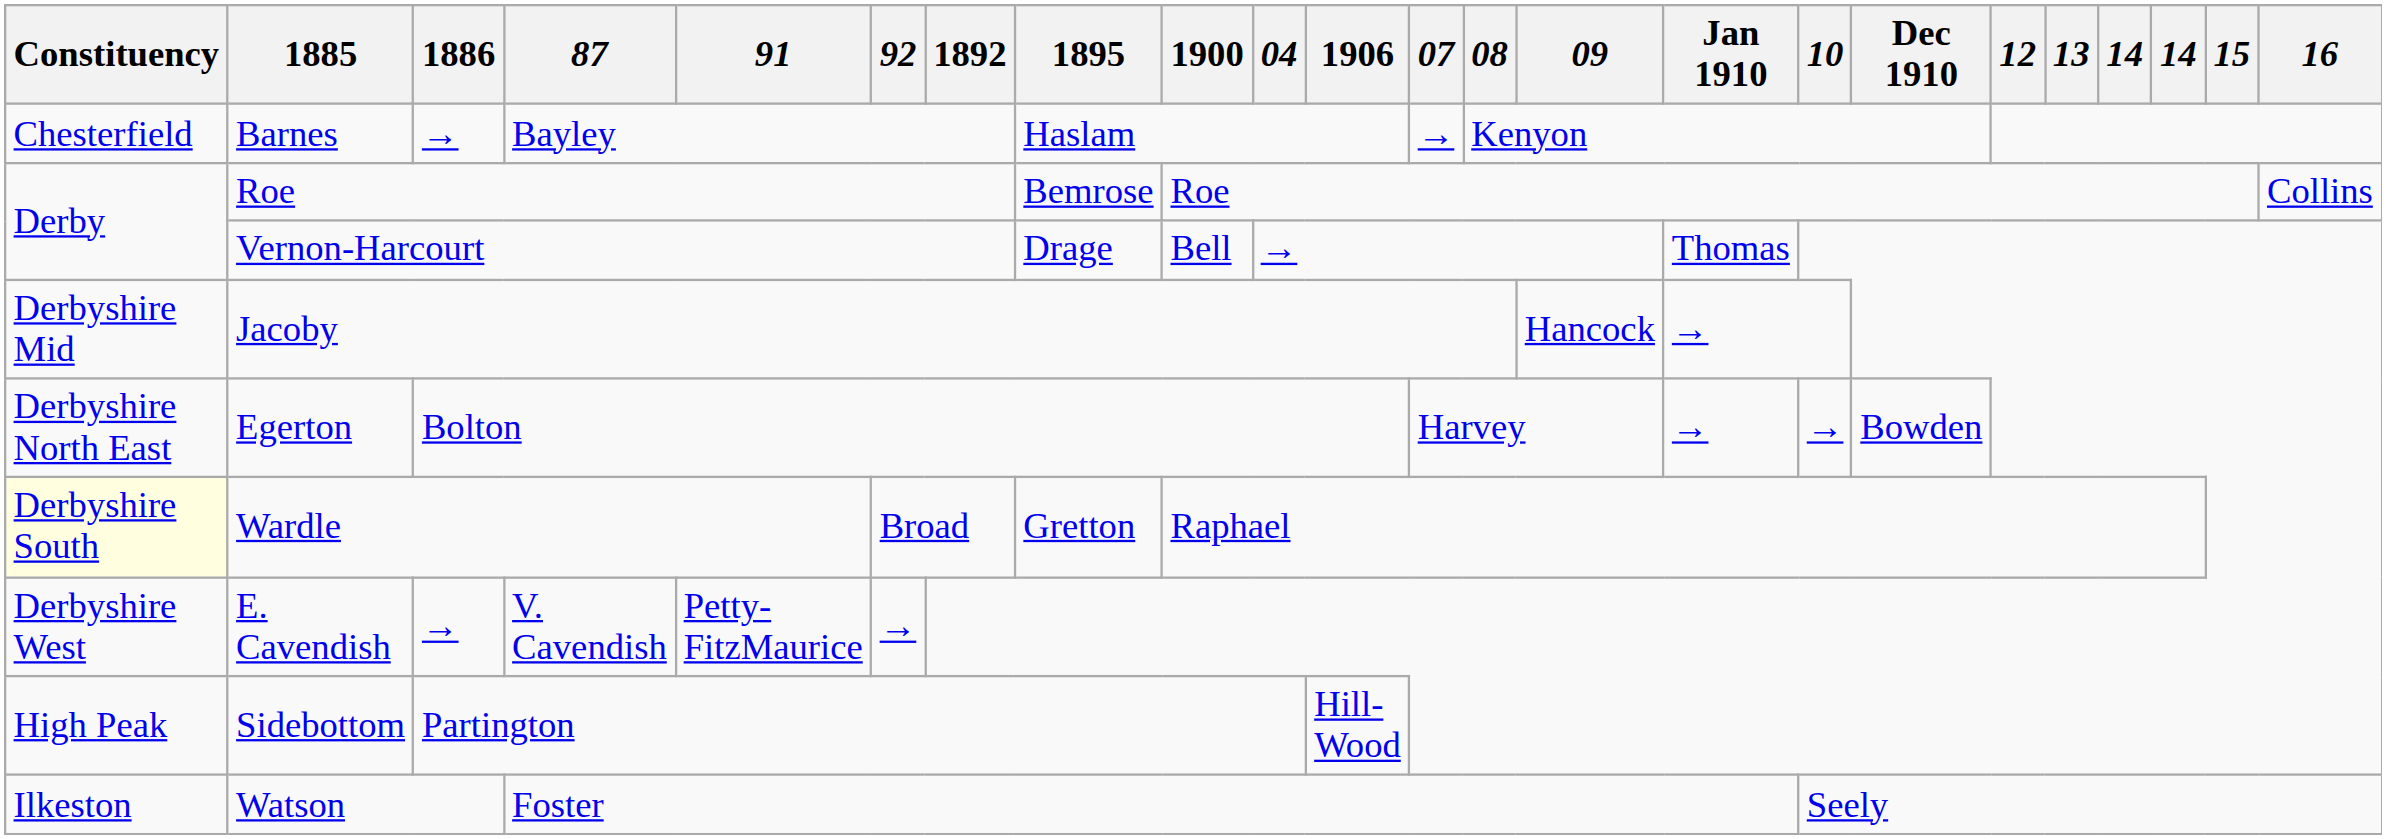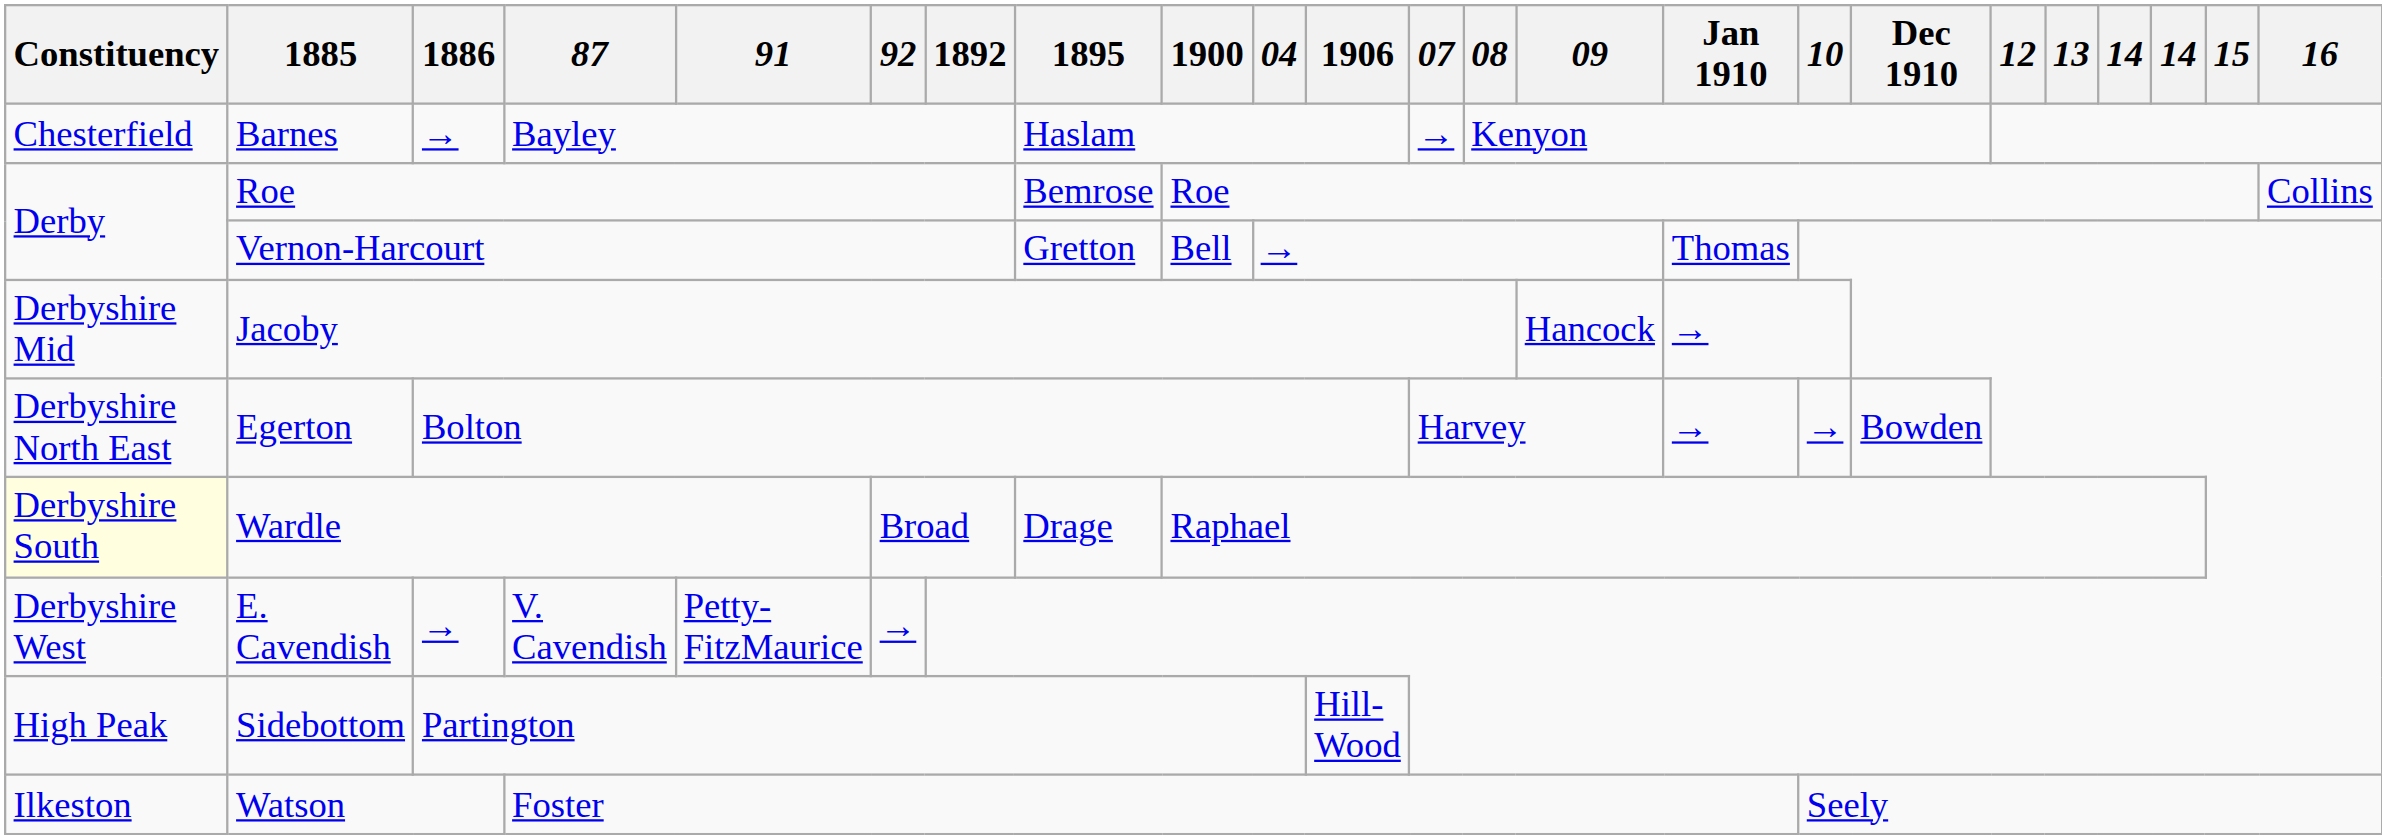 <table class="wikitable">
 <tr>
 <th>Constituency</th>
 <th>1885</th>
 <th>1886</th>
 <th><em>87</em></th>
 <th><em>91</em></th>
 <th><em>92</em></th>
 <th>1892</th>
 <th>1895</th>
 <th>1900</th>
 <th><em>04</em></th>
 <th>1906</th>
 <th><em>07</em></th>
 <th><em>08</em></th>
 <th><em>09</em></th>
 <th>Jan 1910</th>
 <th><em>10</em></th>
 <th>Dec 1910</th>
 <th><em>12</em></th>
 <th><em>13</em></th>
 <th><em>14</em></th>
 <th><em>14</em></th>
 <th><em>15</em></th>
 <th><em>16</em></th>
 </tr>
 <tr>
 <td><a href='#'>Chesterfield</a></td>
 <td><a href='#'>Barnes</a></td>
 <td><a href='#'>→</a></td>
 <td colspan="4"><a href='#'>Bayley</a></td>
 <td colspan="4"><a href='#'>Haslam</a></td>
 <td><a href='#'>→</a></td>
 <td colspan="5"><a href='#'>Kenyon</a></td>
 </tr>
 <tr>
 <td rowspan="2"><a href='#'>Derby</a></td>
 <td colspan="6"><a href='#'>Roe</a></td>
 <td><a href='#'>Bemrose</a></td>
 <td colspan="14"><a href='#'>Roe</a></td>
 <td><a href='#'>Collins</a></td>
 </tr>
 <tr>
 <td colspan="6"><a href='#'>Vernon-Harcourt</a></td>
-<td><a href='#'>Drage</a></td>
+<td><a href='#'>Gretton</a></td>
 <td><a href='#'>Bell</a></td>
 <td colspan="5"><a href='#'>→</a></td>
 <td><a href='#'>Thomas</a></td>
 </tr>
 <tr>
 <td><a href='#'>Derbyshire Mid</a></td>
 <td colspan="12"><a href='#'>Jacoby</a></td>
 <td><a href='#'>Hancock</a></td>
 <td colspan="2"><a href='#'>→</a></td>
 </tr>
 <tr>
 <td><a href='#'>Derbyshire North East</a></td>
 <td><a href='#'>Egerton</a></td>
 <td colspan="9"><a href='#'>Bolton</a></td>
 <td colspan="3"><a href='#'>Harvey</a></td>
 <td><a href='#'>→</a></td>
 <td><a href='#'>→</a></td>
 <td><a href='#'>Bowden</a></td>
 </tr>
 <tr>
 <td style="background: lightyellow;"><a href='#'>Derbyshire South</a></td>
 <td colspan="4"><a href='#'>Wardle</a></td>
 <td colspan="2"><a href='#'>Broad</a></td>
-<td><a href='#'>Gretton</a></td>
+<td><a href='#'>Drage</a></td>
 <td colspan="13"><a href='#'>Raphael</a></td>
 </tr>
 <tr>
 <td><a href='#'>Derbyshire West</a></td>
 <td><a href='#'>E. Cavendish</a></td>
 <td><a href='#'>→</a></td>
 <td><a href='#'>V. Cavendish</a></td>
 <td><a href='#'>Petty-FitzMaurice</a></td>
 <td><a href='#'>→</a></td>
 </tr>
 <tr>
 <td><a href='#'>High Peak</a></td>
 <td><a href='#'>Sidebottom</a></td>
 <td colspan="8"><a href='#'>Partington</a></td>
 <td><a href='#'>Hill-Wood</a></td>
 </tr>
 <tr>
 <td><a href='#'>Ilkeston</a></td>
 <td colspan="2"><a href='#'>Watson</a></td>
 <td colspan="12"><a href='#'>Foster</a></td>
 <td colspan="8"><a href='#'>Seely</a></td>
 </tr>
 </table>
